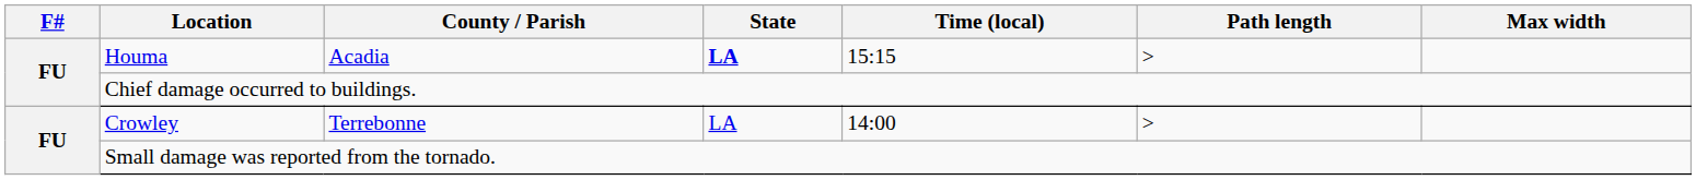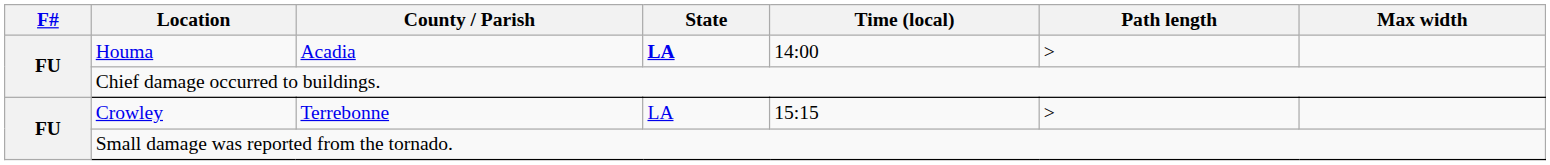 <table class="wikitable sortable" style="width:100%;">
 <tr>
 <th scope="col" align="center"><a href='#'>F#</a><br></th>
 <th scope="col" align="center" class="unsortable">Location</th>
 <th scope="col" align="center" class="unsortable">County / Parish</th>
 <th scope="col" align="center">State</th>
 <th scope="col" align="center">Time (local)</th>
 <th scope="col" align="center">Path length</th>
 <th scope="col" align="center">Max width</th>
 </tr>
 <tr>
 <th scope="row" rowspan="2" style="background-color:#">FU</th>
 <td><a href='#'>Houma</a></td>
 <td><a href='#'>Acadia</a></td>
 <td><strong><a href='#'>LA</a></strong></td>
-<td>15:15</td>
+<td>14:00</td>
 <td>></td>
 <td></td>
 </tr>
 <tr class="expand-child">
 <td colspan="6" style="border-bottom: 1px solid black;">Chief damage occurred to buildings.</td>
 </tr>
 <tr>
 <th scope="row" rowspan="2" style="background-color:#">FU</th>
 <td><a href='#'>Crowley</a></td>
 <td><a href='#'>Terrebonne</a></td>
 <td><a href='#'>LA</a></td>
-<td>14:00</td>
+<td>15:15</td>
 <td>></td>
 <td></td>
 </tr>
 <tr class="expand-child">
 <td colspan="6" style="border-bottom: 1px solid black;">Small damage was reported from the tornado.</td>
 </tr>
 </table>
